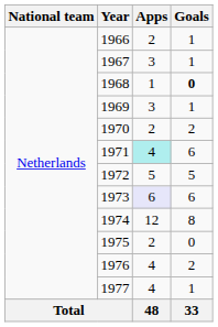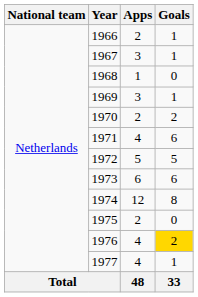 <table class="wikitable" style="text-align:center">
 <tr>
 <th>National team</th>
 <th>Year</th>
 <th>Apps</th>
 <th>Goals</th>
 </tr>
 <tr>
 <td rowspan="12"><a href='#'>Netherlands</a></td>
 <td>1966</td>
 <td>2</td>
 <td>1</td>
 </tr>
 <tr>
 <td>1967</td>
 <td>3</td>
 <td>1</td>
 </tr>
 <tr>
 <td>1968</td>
 <td>1</td>
-<td><strong>0</strong></td>
+<td>0</td>
 </tr>
 <tr>
 <td>1969</td>
 <td>3</td>
 <td>1</td>
 </tr>
 <tr>
 <td>1970</td>
 <td>2</td>
 <td>2</td>
 </tr>
 <tr>
 <td>1971</td>
-<td style="background: paleturquoise;">4</td>
+<td>4</td>
 <td>6</td>
 </tr>
 <tr>
 <td>1972</td>
 <td>5</td>
 <td>5</td>
 </tr>
 <tr>
 <td>1973</td>
-<td style="background: lavender;">6</td>
+<td>6</td>
 <td>6</td>
 </tr>
 <tr>
 <td>1974</td>
 <td>12</td>
 <td>8</td>
 </tr>
 <tr>
 <td>1975</td>
 <td>2</td>
 <td>0</td>
 </tr>
 <tr>
 <td>1976</td>
 <td>4</td>
-<td>2</td>
+<td style="background: gold;">2</td>
 </tr>
 <tr>
 <td>1977</td>
 <td>4</td>
 <td>1</td>
 </tr>
 <tr>
 <th colspan="2">Total</th>
 <th>48</th>
 <th>33</th>
 </tr>
 </table>
